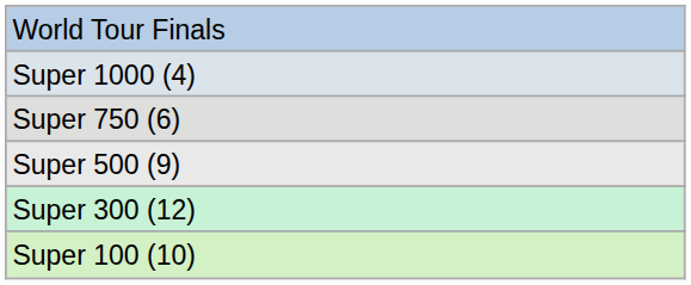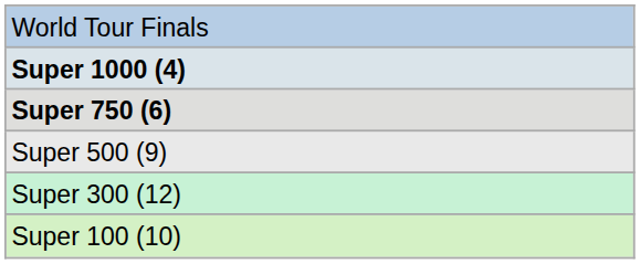 <table class="wikitable"style="font-size:80%; width:20%">
 <tr bgcolor="#B6CDE5">
 <td>World Tour Finals</td>
 </tr>
 <tr bgcolor="#DAE4EA">
-<td>Super 1000 (4)</td>
+<td><strong>Super 1000 (4)</strong></td>
 </tr>
 <tr bgcolor="#DEDEDC">
-<td>Super 750 (6)</td>
+<td><strong>Super 750 (6)</strong></td>
 </tr>
 <tr bgcolor="#E9E9E9">
 <td>Super 500 (9)</td>
 </tr>
 <tr bgcolor="#C7F2D5">
 <td>Super 300 (12)</td>
 </tr>
 <tr bgcolor="#D4F1C5">
 <td>Super 100 (10)</td>
 </tr>
 </table>
